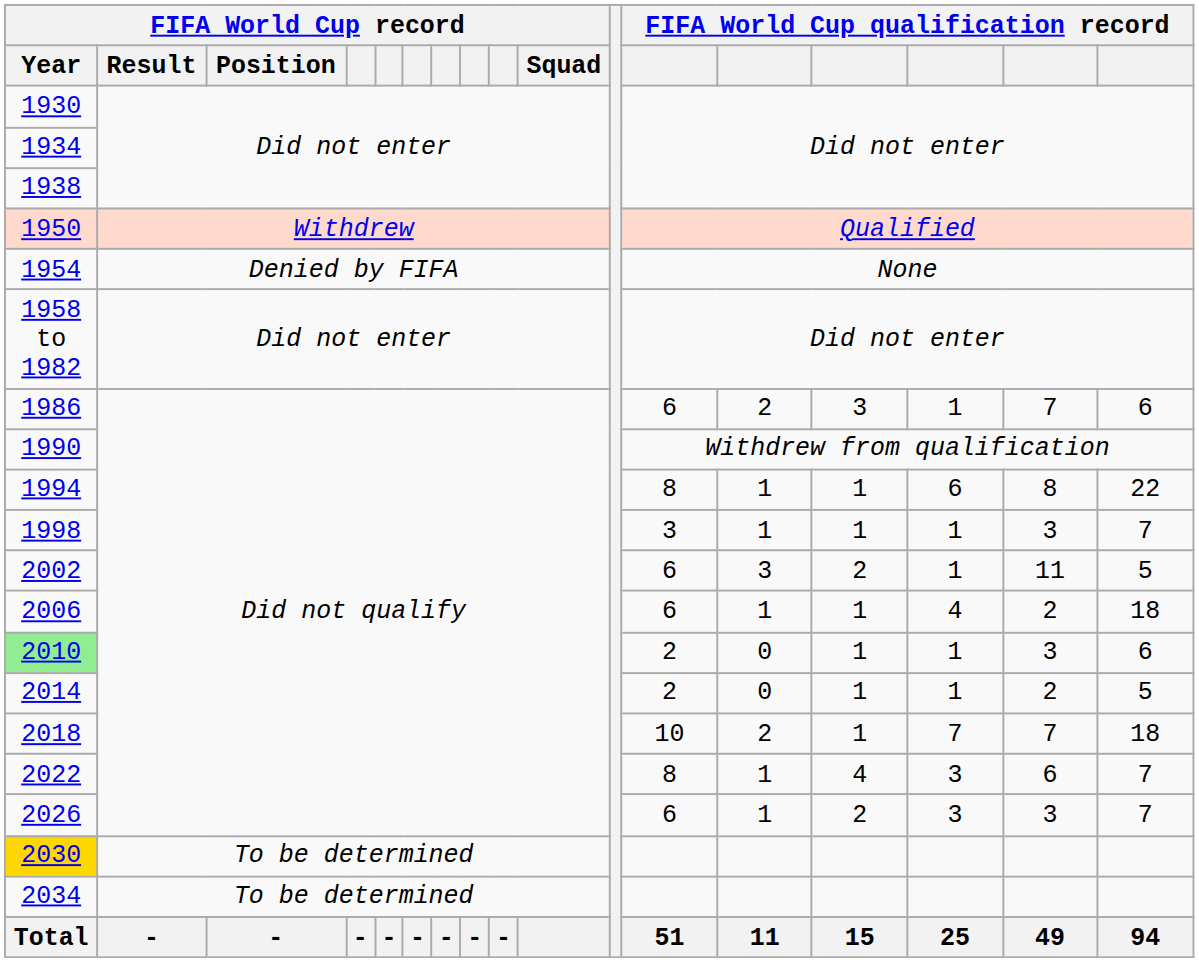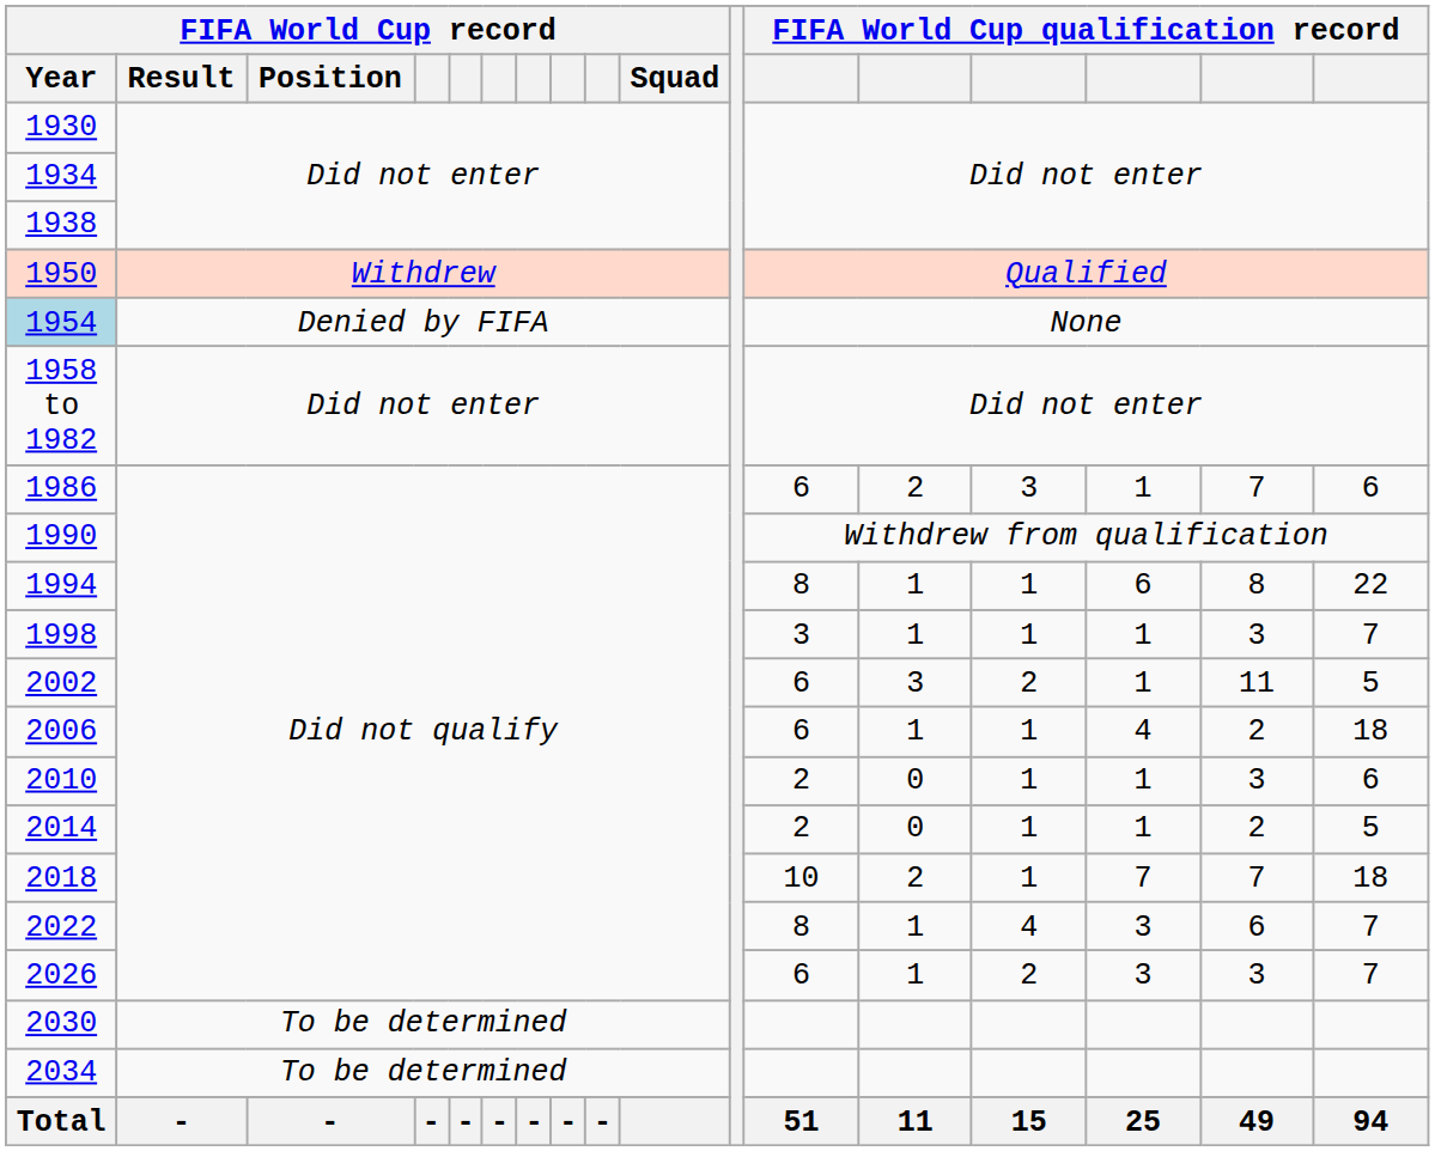 <table class="wikitable" style="text-align:center">
 <tr>
 <th colspan=10><a href='#'>FIFA World Cup</a> record</th>
 <th rowspan="22" style="width:1%;"></th>
 <th colspan=6><a href='#'>FIFA World Cup qualification</a> record</th>
 </tr>
 <tr>
 <th>Year</th>
 <th>Result</th>
 <th>Position</th>
 <th></th>
 <th></th>
 <th></th>
 <th></th>
 <th></th>
 <th></th>
 <th>Squad</th>
 <th></th>
 <th></th>
 <th></th>
 <th></th>
 <th></th>
 <th></th>
 </tr>
 <tr>
 <td> <a href='#'>1930</a></td>
 <td rowspan=3 colspan=9><em>Did not enter</em></td>
 <td rowspan=3 colspan=6><em>Did not enter</em></td>
 </tr>
 <tr>
 <td> <a href='#'>1934</a></td>
 </tr>
 <tr>
 <td> <a href='#'>1938</a></td>
 </tr>
 <tr style="background:#FFDACC">
 <td> <a href='#'>1950</a></td>
 <td colspan=9><em><a href='#'>Withdrew</a></em></td>
 <td colspan=6><em><a href='#'>Qualified</a></em></td>
 </tr>
 <tr>
-<td> <a href='#'>1954</a></td>
+<td style="background: lightblue;"> <a href='#'>1954</a></td>
 <td colspan=9><em>Denied by FIFA</em></td>
 <td colspan=6><em>None</em></td>
 </tr>
 <tr>
 <td> <a href='#'>1958</a><br>to<br> <a href='#'>1982</a></td>
 <td colspan=9><em>Did not enter</em></td>
 <td colspan=6><em>Did not enter</em></td>
 </tr>
 <tr>
 <td> <a href='#'>1986</a></td>
 <td colspan="9" rowspan="11"><em>Did not qualify</em></td>
 <td>6</td>
 <td>2</td>
 <td>3</td>
 <td>1</td>
 <td>7</td>
 <td>6</td>
 </tr>
 <tr>
 <td> <a href='#'>1990</a></td>
 <td colspan="6"><em>Withdrew from qualification</em></td>
 </tr>
 <tr>
 <td> <a href='#'>1994</a></td>
 <td>8</td>
 <td>1</td>
 <td>1</td>
 <td>6</td>
 <td>8</td>
 <td>22</td>
 </tr>
 <tr>
 <td> <a href='#'>1998</a></td>
 <td>3</td>
 <td>1</td>
 <td>1</td>
 <td>1</td>
 <td>3</td>
 <td>7</td>
 </tr>
 <tr>
 <td>  <a href='#'>2002</a></td>
 <td>6</td>
 <td>3</td>
 <td>2</td>
 <td>1</td>
 <td>11</td>
 <td>5</td>
 </tr>
 <tr>
 <td> <a href='#'>2006</a></td>
 <td>6</td>
 <td>1</td>
 <td>1</td>
 <td>4</td>
 <td>2</td>
 <td>18</td>
 </tr>
 <tr>
-<td style="background: lightgreen;"> <a href='#'>2010</a></td>
+<td> <a href='#'>2010</a></td>
 <td>2</td>
 <td>0</td>
 <td>1</td>
 <td>1</td>
 <td>3</td>
 <td>6</td>
 </tr>
 <tr>
 <td> <a href='#'>2014</a></td>
 <td>2</td>
 <td>0</td>
 <td>1</td>
 <td>1</td>
 <td>2</td>
 <td>5</td>
 </tr>
 <tr>
 <td> <a href='#'>2018</a></td>
 <td>10</td>
 <td>2</td>
 <td>1</td>
 <td>7</td>
 <td>7</td>
 <td>18</td>
 </tr>
 <tr>
 <td> <a href='#'>2022</a></td>
 <td>8</td>
 <td>1</td>
 <td>4</td>
 <td>3</td>
 <td>6</td>
 <td>7</td>
 </tr>
 <tr>
 <td>   <a href='#'>2026</a></td>
 <td>6</td>
 <td>1</td>
 <td>2</td>
 <td>3</td>
 <td>3</td>
 <td>7</td>
 </tr>
 <tr>
-<td style="background: gold;">   <a href='#'>2030</a></td>
+<td>   <a href='#'>2030</a></td>
 <td colspan="9"><em>To be determined</em></td>
 <td></td>
 <td></td>
 <td></td>
 <td></td>
 <td></td>
 <td></td>
 </tr>
 <tr>
 <td> <a href='#'>2034</a></td>
 <td colspan="9"><em>To be determined</em></td>
 <td></td>
 <td></td>
 <td></td>
 <td></td>
 <td></td>
 <td></td>
 </tr>
 <tr>
 <th>Total</th>
 <th>-</th>
 <th>-</th>
 <th>-</th>
 <th>-</th>
 <th>-</th>
 <th>-</th>
 <th>-</th>
 <th>-</th>
 <th></th>
 <th>51</th>
 <th>11</th>
 <th>15</th>
 <th>25</th>
 <th>49</th>
 <th>94</th>
 </tr>
 </table>
